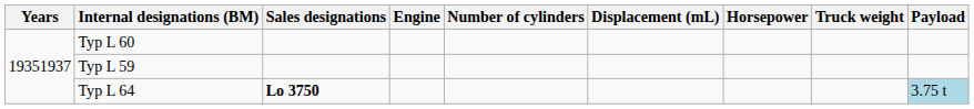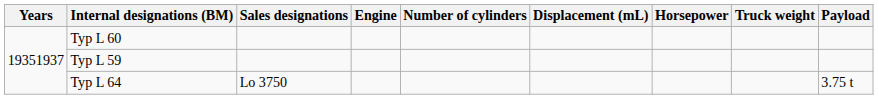 <table class="wikitable sortable" style="text-align: left;">
 <tr>
 <th>Years</th>
 <th>Internal designations (BM)</th>
 <th>Sales designations</th>
 <th>Engine</th>
 <th>Number of cylinders</th>
 <th>Displacement (mL)</th>
 <th>Horsepower</th>
 <th>Truck weight</th>
 <th>Payload</th>
 </tr>
 <tr>
 <td rowspan="3">19351937</td>
 <td>Typ L 60</td>
 <td></td>
 <td></td>
 <td></td>
 <td></td>
 <td></td>
 <td></td>
 <td></td>
 </tr>
 <tr>
 <td>Typ L 59</td>
 <td></td>
 <td></td>
 <td></td>
 <td></td>
 <td></td>
 <td></td>
 <td></td>
 </tr>
 <tr>
 <td>Typ L 64</td>
-<td><strong>Lo 3750</strong></td>
+<td>Lo 3750</td>
 <td></td>
 <td></td>
 <td></td>
 <td></td>
 <td></td>
-<td style="background: lightblue;">3.75 t</td>
+<td>3.75 t</td>
 </tr>
 </table>
